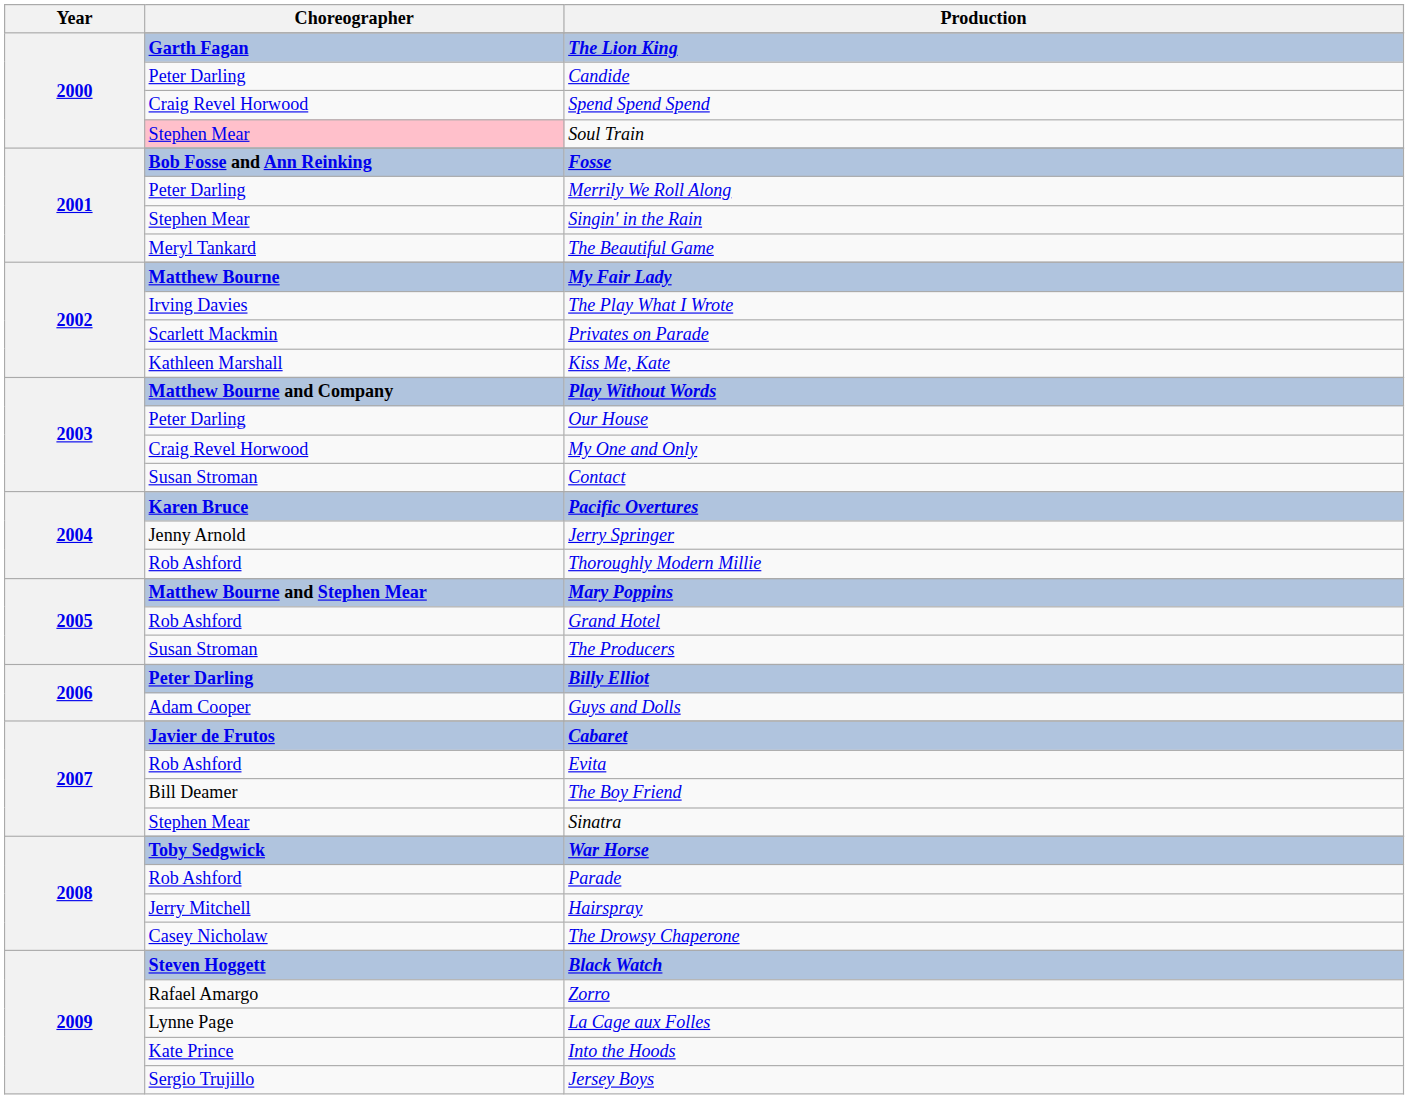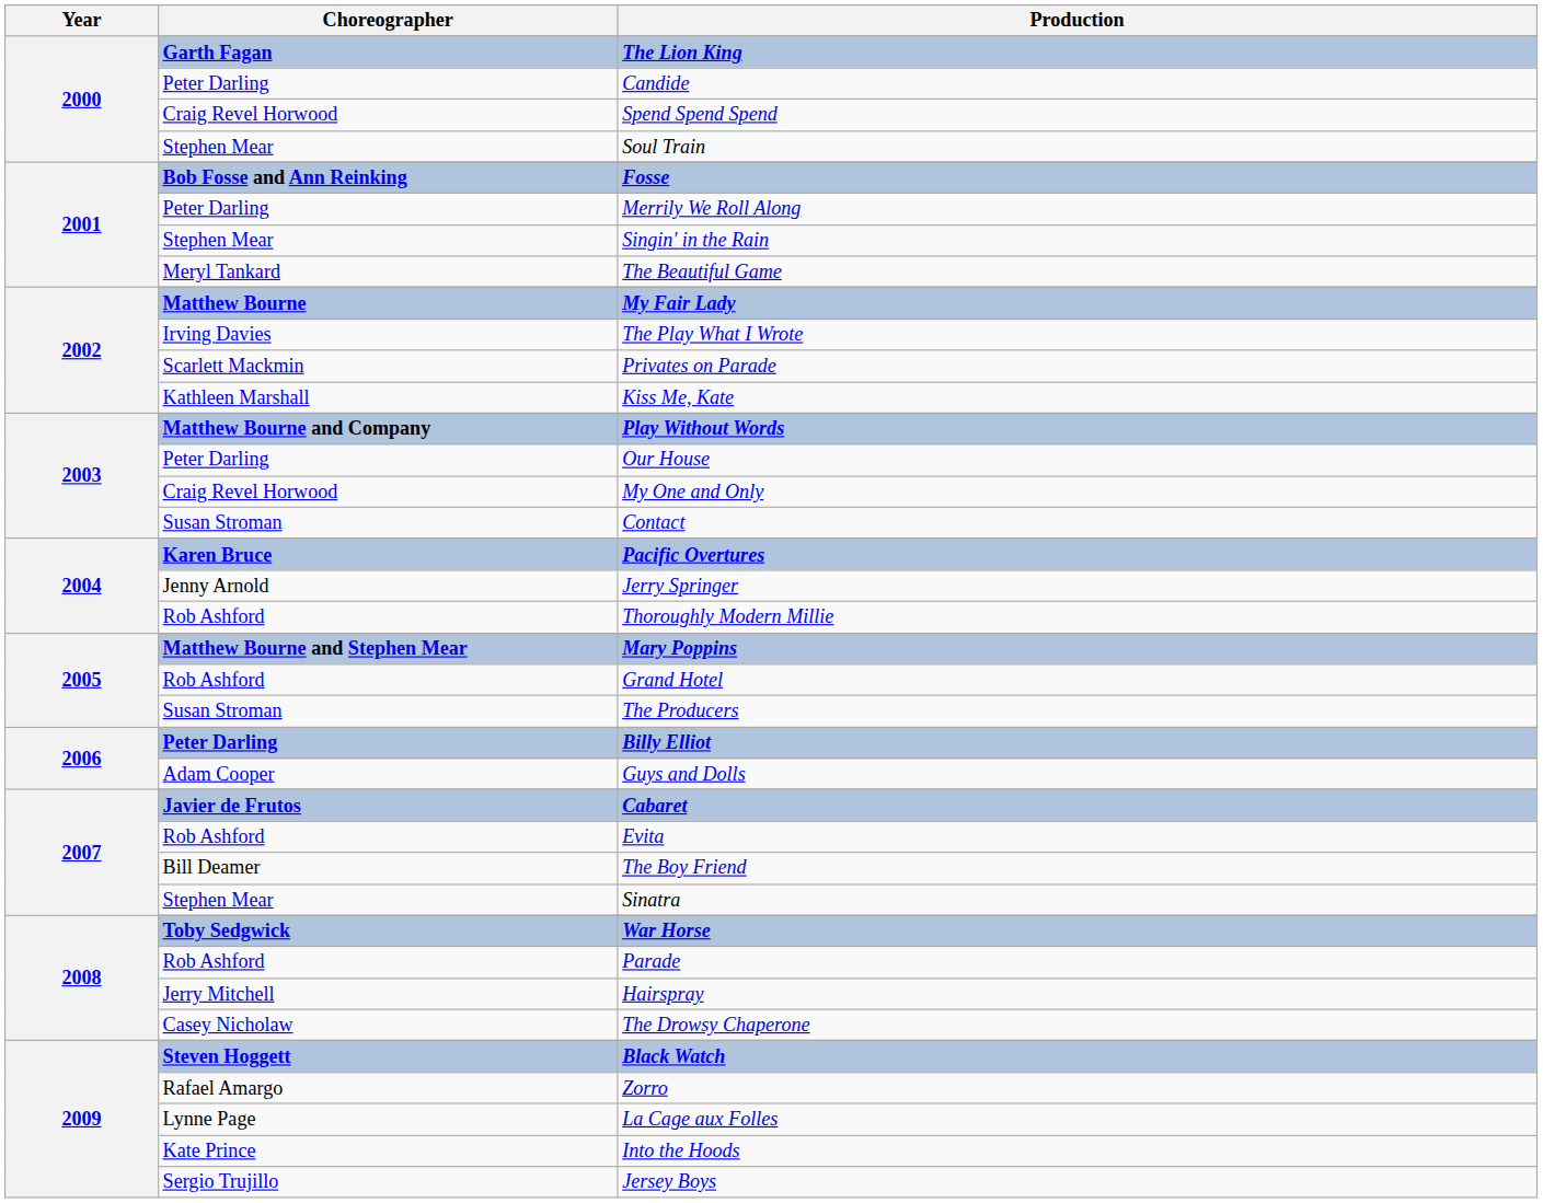 <table class="wikitable" style="width:98%;">
 <tr style="background:#bebebe;">
 <th style="width:10%;">Year</th>
 <th style="width:30%;">Choreographer</th>
 <th style="width:60%;">Production</th>
 </tr>
 <tr>
 <th rowspan="5" align="center"><a href='#'>2000</a></th>
 </tr>
 <tr style="background:#B0C4DE">
 <td><strong><a href='#'>Garth Fagan</a></strong></td>
 <td><strong><em><a href='#'>The Lion King</a></em></strong></td>
 </tr>
 <tr>
 <td><a href='#'>Peter Darling</a></td>
 <td><em><a href='#'>Candide</a></em></td>
 </tr>
 <tr>
 <td><a href='#'>Craig Revel Horwood</a></td>
 <td><em><a href='#'>Spend Spend Spend</a></em></td>
 </tr>
 <tr>
-<td style="background: pink;"><a href='#'>Stephen Mear</a></td>
+<td><a href='#'>Stephen Mear</a></td>
 <td><em>Soul Train</em></td>
 </tr>
 <tr>
 <th rowspan="5" align="center"><a href='#'>2001</a></th>
 </tr>
 <tr style="background:#B0C4DE">
 <td><strong><a href='#'>Bob Fosse</a> and <a href='#'>Ann Reinking</a></strong></td>
 <td><strong><em><a href='#'>Fosse</a></em></strong></td>
 </tr>
 <tr>
 <td><a href='#'>Peter Darling</a></td>
 <td><em><a href='#'>Merrily We Roll Along</a></em></td>
 </tr>
 <tr>
 <td><a href='#'>Stephen Mear</a></td>
 <td><em><a href='#'>Singin' in the Rain</a></em></td>
 </tr>
 <tr>
 <td><a href='#'>Meryl Tankard</a></td>
 <td><em><a href='#'>The Beautiful Game</a></em></td>
 </tr>
 <tr>
 <th rowspan="5" align="center"><a href='#'>2002</a></th>
 </tr>
 <tr style="background:#B0C4DE">
 <td><strong><a href='#'>Matthew Bourne</a></strong></td>
 <td><strong><em><a href='#'>My Fair Lady</a></em></strong></td>
 </tr>
 <tr>
 <td><a href='#'>Irving Davies</a></td>
 <td><em><a href='#'>The Play What I Wrote</a></em></td>
 </tr>
 <tr>
 <td><a href='#'>Scarlett Mackmin</a></td>
 <td><em><a href='#'>Privates on Parade</a></em></td>
 </tr>
 <tr>
 <td><a href='#'>Kathleen Marshall</a></td>
 <td><em><a href='#'>Kiss Me, Kate</a></em></td>
 </tr>
 <tr>
 <th rowspan="5" align="center"><a href='#'>2003</a></th>
 </tr>
 <tr style="background:#B0C4DE">
 <td><strong><a href='#'>Matthew Bourne</a> and Company</strong></td>
 <td><strong><em><a href='#'>Play Without Words</a></em></strong></td>
 </tr>
 <tr>
 <td><a href='#'>Peter Darling</a></td>
 <td><em><a href='#'>Our House</a></em></td>
 </tr>
 <tr>
 <td><a href='#'>Craig Revel Horwood</a></td>
 <td><em><a href='#'>My One and Only</a></em></td>
 </tr>
 <tr>
 <td><a href='#'>Susan Stroman</a></td>
 <td><em><a href='#'>Contact</a></em></td>
 </tr>
 <tr>
 <th rowspan="4" align="center"><a href='#'>2004</a></th>
 </tr>
 <tr style="background:#B0C4DE">
 <td><strong><a href='#'>Karen Bruce</a></strong></td>
 <td><strong><em><a href='#'>Pacific Overtures</a></em></strong></td>
 </tr>
 <tr>
 <td>Jenny Arnold</td>
 <td><em><a href='#'>Jerry Springer</a></em></td>
 </tr>
 <tr>
 <td><a href='#'>Rob Ashford</a></td>
 <td><em><a href='#'>Thoroughly Modern Millie</a></em></td>
 </tr>
 <tr>
 <th rowspan="4" align="center"><a href='#'>2005</a></th>
 </tr>
 <tr style="background:#B0C4DE">
 <td><strong><a href='#'>Matthew Bourne</a> and <a href='#'>Stephen Mear</a></strong></td>
 <td><strong><em><a href='#'>Mary Poppins</a></em></strong></td>
 </tr>
 <tr>
 <td><a href='#'>Rob Ashford</a></td>
 <td><em><a href='#'>Grand Hotel</a></em></td>
 </tr>
 <tr>
 <td><a href='#'>Susan Stroman</a></td>
 <td><em><a href='#'>The Producers</a></em></td>
 </tr>
 <tr>
 <th rowspan="3" align="center"><a href='#'>2006</a></th>
 </tr>
 <tr style="background:#B0C4DE">
 <td><strong><a href='#'>Peter Darling</a></strong></td>
 <td><strong><em><a href='#'>Billy Elliot</a></em></strong></td>
 </tr>
 <tr>
 <td><a href='#'>Adam Cooper</a></td>
 <td><em><a href='#'>Guys and Dolls</a></em></td>
 </tr>
 <tr>
 <th rowspan="5" align="center"><a href='#'>2007</a></th>
 </tr>
 <tr style="background:#B0C4DE">
 <td><strong><a href='#'>Javier de Frutos</a></strong></td>
 <td><strong><em><a href='#'>Cabaret</a></em></strong></td>
 </tr>
 <tr>
 <td><a href='#'>Rob Ashford</a></td>
 <td><em><a href='#'>Evita</a></em></td>
 </tr>
 <tr>
 <td>Bill Deamer</td>
 <td><em><a href='#'>The Boy Friend</a></em></td>
 </tr>
 <tr>
 <td><a href='#'>Stephen Mear</a></td>
 <td><em>Sinatra</em></td>
 </tr>
 <tr>
 <th rowspan="5" align="center"><a href='#'>2008</a></th>
 </tr>
 <tr style="background:#B0C4DE">
 <td><strong><a href='#'>Toby Sedgwick</a></strong></td>
 <td><strong><em><a href='#'>War Horse</a></em></strong></td>
 </tr>
 <tr>
 <td><a href='#'>Rob Ashford</a></td>
 <td><em><a href='#'>Parade</a></em></td>
 </tr>
 <tr>
 <td><a href='#'>Jerry Mitchell</a></td>
 <td><em><a href='#'>Hairspray</a></em></td>
 </tr>
 <tr>
 <td><a href='#'>Casey Nicholaw</a></td>
 <td><em><a href='#'>The Drowsy Chaperone</a></em></td>
 </tr>
 <tr>
 <th rowspan="6" align="center"><a href='#'>2009</a></th>
 </tr>
 <tr style="background:#B0C4DE">
 <td><strong><a href='#'>Steven Hoggett</a></strong></td>
 <td><strong><em><a href='#'>Black Watch</a></em></strong></td>
 </tr>
 <tr>
 <td>Rafael Amargo</td>
 <td><em><a href='#'>Zorro</a></em></td>
 </tr>
 <tr>
 <td>Lynne Page</td>
 <td><em><a href='#'>La Cage aux Folles</a></em></td>
 </tr>
 <tr>
 <td><a href='#'>Kate Prince</a></td>
 <td><em><a href='#'>Into the Hoods</a></em></td>
 </tr>
 <tr>
 <td><a href='#'>Sergio Trujillo</a></td>
 <td><em><a href='#'>Jersey Boys</a></em></td>
 </tr>
 </table>
